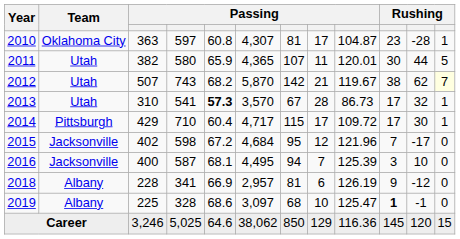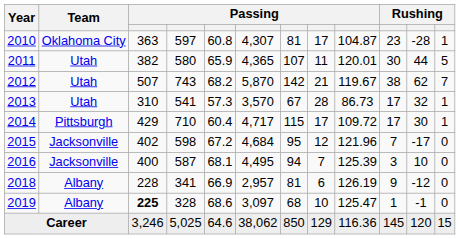 <table class="wikitable sortable" style="text-align:center">
 <tr>
 <th rowspan=2>Year</th>
 <th rowspan=2>Team</th>
 <th colspan=7>Passing</th>
 <th colspan=3>Rushing</th>
 </tr>
 <tr>
 <th></th>
 <th></th>
 <th></th>
 <th></th>
 <th></th>
 <th></th>
 <th></th>
 <th></th>
 <th></th>
 <th></th>
 </tr>
 <tr>
 <td><a href='#'>2010</a></td>
 <td><a href='#'>Oklahoma City</a></td>
 <td>363</td>
 <td>597</td>
 <td>60.8</td>
 <td>4,307</td>
 <td>81</td>
 <td>17</td>
 <td>104.87</td>
 <td>23</td>
 <td>-28</td>
 <td>1</td>
 </tr>
 <tr>
 <td><a href='#'>2011</a></td>
 <td><a href='#'>Utah</a></td>
 <td>382</td>
 <td>580</td>
 <td>65.9</td>
 <td>4,365</td>
 <td>107</td>
 <td>11</td>
 <td>120.01</td>
 <td>30</td>
 <td>44</td>
 <td>5</td>
 </tr>
 <tr>
 <td><a href='#'>2012</a></td>
 <td><a href='#'>Utah</a></td>
 <td>507</td>
 <td>743</td>
 <td>68.2</td>
 <td>5,870</td>
 <td>142</td>
 <td>21</td>
 <td>119.67</td>
 <td>38</td>
 <td>62</td>
-<td style="background: lightyellow;">7</td>
+<td>7</td>
 </tr>
 <tr>
 <td><a href='#'>2013</a></td>
 <td><a href='#'>Utah</a></td>
 <td>310</td>
 <td>541</td>
-<td><strong>57.3</strong></td>
+<td>57.3</td>
 <td>3,570</td>
 <td>67</td>
 <td>28</td>
 <td>86.73</td>
 <td>17</td>
 <td>32</td>
 <td>1</td>
 </tr>
 <tr>
 <td><a href='#'>2014</a></td>
 <td><a href='#'>Pittsburgh</a></td>
 <td>429</td>
 <td>710</td>
 <td>60.4</td>
 <td>4,717</td>
 <td>115</td>
 <td>17</td>
 <td>109.72</td>
 <td>17</td>
 <td>30</td>
 <td>1</td>
 </tr>
 <tr>
 <td><a href='#'>2015</a></td>
 <td><a href='#'>Jacksonville</a></td>
 <td>402</td>
 <td>598</td>
 <td>67.2</td>
 <td>4,684</td>
 <td>95</td>
 <td>12</td>
 <td>121.96</td>
 <td>7</td>
 <td>-17</td>
 <td>0</td>
 </tr>
 <tr>
 <td><a href='#'>2016</a></td>
 <td><a href='#'>Jacksonville</a></td>
 <td>400</td>
 <td>587</td>
 <td>68.1</td>
 <td>4,495</td>
 <td>94</td>
 <td>7</td>
 <td>125.39</td>
 <td>3</td>
 <td>10</td>
 <td>0</td>
 </tr>
 <tr>
 <td><a href='#'>2018</a></td>
 <td><a href='#'>Albany</a></td>
 <td>228</td>
 <td>341</td>
 <td>66.9</td>
 <td>2,957</td>
 <td>81</td>
 <td>6</td>
 <td>126.19</td>
 <td>9</td>
 <td>-12</td>
 <td>0</td>
 </tr>
 <tr>
 <td><a href='#'>2019</a></td>
 <td><a href='#'>Albany</a></td>
-<td>225</td>
+<td><strong>225</strong></td>
 <td>328</td>
 <td>68.6</td>
 <td>3,097</td>
 <td>68</td>
 <td>10</td>
 <td>125.47</td>
-<td><strong>1</strong></td>
+<td>1</td>
 <td>-1</td>
 <td>0</td>
 </tr>
 <tr class="sortbottom" style="background:#eee;">
 <td colspan=2><strong>Career</strong></td>
 <td>3,246</td>
 <td>5,025</td>
 <td>64.6</td>
 <td>38,062</td>
 <td>850</td>
 <td>129</td>
 <td>116.36</td>
 <td>145</td>
 <td>120</td>
 <td>15</td>
 </tr>
 </table>
